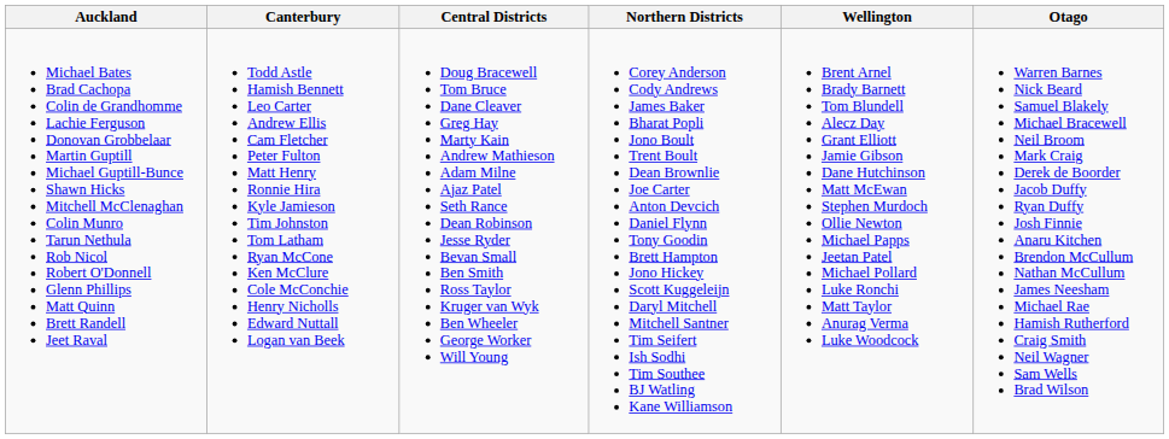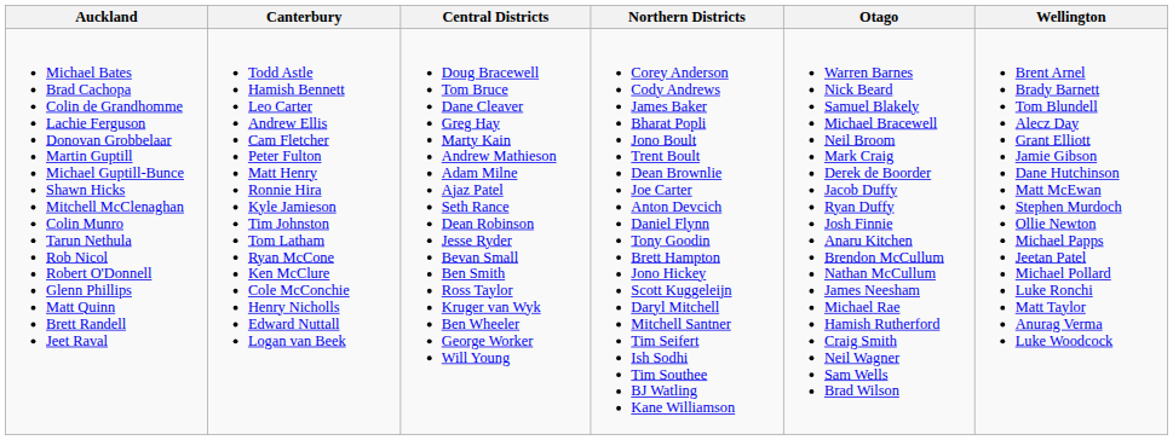 <table class="wikitable">
 <tr>
 <th width=330>Auckland</th>
 <th width=330>Canterbury</th>
 <th width=330>Central Districts</th>
 <th width=330>Northern Districts</th>
+<th width=330>Otago</th>
 <th width=330>Wellington</th>
-<th width=330>Otago</th>
 </tr>
 <tr>
 <td valign=top><br><ul><li><a href='#'>Michael Bates</a></li><li><a href='#'>Brad Cachopa</a></li><li><a href='#'>Colin de Grandhomme</a></li><li><a href='#'>Lachie Ferguson</a></li><li><a href='#'>Donovan Grobbelaar</a></li><li><a href='#'>Martin Guptill</a></li><li><a href='#'>Michael Guptill-Bunce</a></li><li><a href='#'>Shawn Hicks</a></li><li><a href='#'>Mitchell McClenaghan</a></li><li><a href='#'>Colin Munro</a></li><li><a href='#'>Tarun Nethula</a></li><li><a href='#'>Rob Nicol</a></li><li><a href='#'>Robert O'Donnell</a></li><li><a href='#'>Glenn Phillips</a></li><li><a href='#'>Matt Quinn</a></li><li><a href='#'>Brett Randell</a></li><li><a href='#'>Jeet Raval</a></li></ul></td>
 <td valign=top><br><ul><li><a href='#'>Todd Astle</a></li><li><a href='#'>Hamish Bennett</a></li><li><a href='#'>Leo Carter</a></li><li><a href='#'>Andrew Ellis</a></li><li><a href='#'>Cam Fletcher</a></li><li><a href='#'>Peter Fulton</a></li><li><a href='#'>Matt Henry</a></li><li><a href='#'>Ronnie Hira</a></li><li><a href='#'>Kyle Jamieson</a></li><li><a href='#'>Tim Johnston</a></li><li><a href='#'>Tom Latham</a></li><li><a href='#'>Ryan McCone</a></li><li><a href='#'>Ken McClure</a></li><li><a href='#'>Cole McConchie</a></li><li><a href='#'>Henry Nicholls</a></li><li><a href='#'>Edward Nuttall</a></li><li><a href='#'>Logan van Beek</a></li></ul></td>
 <td valign=top><br><ul><li><a href='#'>Doug Bracewell</a></li><li><a href='#'>Tom Bruce</a></li><li><a href='#'>Dane Cleaver</a></li><li><a href='#'>Greg Hay</a></li><li><a href='#'>Marty Kain</a></li><li><a href='#'>Andrew Mathieson</a></li><li><a href='#'>Adam Milne</a></li><li><a href='#'>Ajaz Patel</a></li><li><a href='#'>Seth Rance</a></li><li><a href='#'>Dean Robinson</a></li><li><a href='#'>Jesse Ryder</a></li><li><a href='#'>Bevan Small</a></li><li><a href='#'>Ben Smith</a></li><li><a href='#'>Ross Taylor</a></li><li><a href='#'>Kruger van Wyk</a></li><li><a href='#'>Ben Wheeler</a></li><li><a href='#'>George Worker</a></li><li><a href='#'>Will Young</a></li></ul></td>
 <td valign=top><br><ul><li><a href='#'>Corey Anderson</a></li><li><a href='#'>Cody Andrews</a></li><li><a href='#'>James Baker</a></li><li><a href='#'>Bharat Popli</a></li><li><a href='#'>Jono Boult</a></li><li><a href='#'>Trent Boult</a></li><li><a href='#'>Dean Brownlie</a></li><li><a href='#'>Joe Carter</a></li><li><a href='#'>Anton Devcich</a></li><li><a href='#'>Daniel Flynn</a></li><li><a href='#'>Tony Goodin</a></li><li><a href='#'>Brett Hampton</a></li><li><a href='#'>Jono Hickey</a></li><li><a href='#'>Scott Kuggeleijn</a></li><li><a href='#'>Daryl Mitchell</a></li><li><a href='#'>Mitchell Santner</a></li><li><a href='#'>Tim Seifert</a></li><li><a href='#'>Ish Sodhi</a></li><li><a href='#'>Tim Southee</a></li><li><a href='#'>BJ Watling</a></li><li><a href='#'>Kane Williamson</a></li></ul></td>
+<td valign=top><br><ul><li><a href='#'>Warren Barnes</a></li><li><a href='#'>Nick Beard</a></li><li><a href='#'>Samuel Blakely</a></li><li><a href='#'>Michael Bracewell</a></li><li><a href='#'>Neil Broom</a></li><li><a href='#'>Mark Craig</a></li><li><a href='#'>Derek de Boorder</a></li><li><a href='#'>Jacob Duffy</a></li><li><a href='#'>Ryan Duffy</a></li><li><a href='#'>Josh Finnie</a></li><li><a href='#'>Anaru Kitchen</a></li><li><a href='#'>Brendon McCullum</a></li><li><a href='#'>Nathan McCullum</a></li><li><a href='#'>James Neesham</a></li><li><a href='#'>Michael Rae</a></li><li><a href='#'>Hamish Rutherford</a></li><li><a href='#'>Craig Smith</a></li><li><a href='#'>Neil Wagner</a></li><li><a href='#'>Sam Wells</a></li><li><a href='#'>Brad Wilson</a></li></ul></td>
 <td valign=top><br><ul><li><a href='#'>Brent Arnel</a></li><li><a href='#'>Brady Barnett</a></li><li><a href='#'>Tom Blundell</a></li><li><a href='#'>Alecz Day</a></li><li><a href='#'>Grant Elliott</a></li><li><a href='#'>Jamie Gibson</a></li><li><a href='#'>Dane Hutchinson</a></li><li><a href='#'>Matt McEwan</a></li><li><a href='#'>Stephen Murdoch</a></li><li><a href='#'>Ollie Newton</a></li><li><a href='#'>Michael Papps</a></li><li><a href='#'>Jeetan Patel</a></li><li><a href='#'>Michael Pollard</a></li><li><a href='#'>Luke Ronchi</a></li><li><a href='#'>Matt Taylor</a></li><li><a href='#'>Anurag Verma</a></li><li><a href='#'>Luke Woodcock</a></li></ul></td>
-<td valign=top><br><ul><li><a href='#'>Warren Barnes</a></li><li><a href='#'>Nick Beard</a></li><li><a href='#'>Samuel Blakely</a></li><li><a href='#'>Michael Bracewell</a></li><li><a href='#'>Neil Broom</a></li><li><a href='#'>Mark Craig</a></li><li><a href='#'>Derek de Boorder</a></li><li><a href='#'>Jacob Duffy</a></li><li><a href='#'>Ryan Duffy</a></li><li><a href='#'>Josh Finnie</a></li><li><a href='#'>Anaru Kitchen</a></li><li><a href='#'>Brendon McCullum</a></li><li><a href='#'>Nathan McCullum</a></li><li><a href='#'>James Neesham</a></li><li><a href='#'>Michael Rae</a></li><li><a href='#'>Hamish Rutherford</a></li><li><a href='#'>Craig Smith</a></li><li><a href='#'>Neil Wagner</a></li><li><a href='#'>Sam Wells</a></li><li><a href='#'>Brad Wilson</a></li></ul></td>
 </tr>
 </table>
